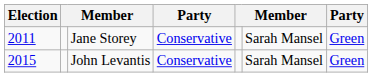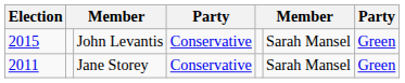 <table class="wikitable">
 <tr>
 <th>Election</th>
 <th colspan="2">Member</th>
 <th>Party</th>
 <th colspan="2">Member</th>
 <th>Party</th>
+</tr>
+<tr>
+<td><a href='#'>2015</a></td>
+<td style="background-color: "></td>
+<td>John Levantis</td>
+<td><a href='#'>Conservative</a></td>
+<td style="background-color: "></td>
+<td>Sarah Mansel</td>
+<td><a href='#'>Green</a></td>
 </tr>
 <tr>
 <td><a href='#'>2011</a></td>
 <td style="background-color: "></td>
 <td>Jane Storey</td>
 <td><a href='#'>Conservative</a></td>
 <td style="background-color: "></td>
 <td>Sarah Mansel</td>
 <td><a href='#'>Green</a></td>
 </tr>
-<tr>
-<td><a href='#'>2015</a></td>
-<td style="background-color: "></td>
-<td>John Levantis</td>
-<td><a href='#'>Conservative</a></td>
-<td style="background-color: "></td>
-<td>Sarah Mansel</td>
-<td><a href='#'>Green</a></td>
-</tr>
 </table>
